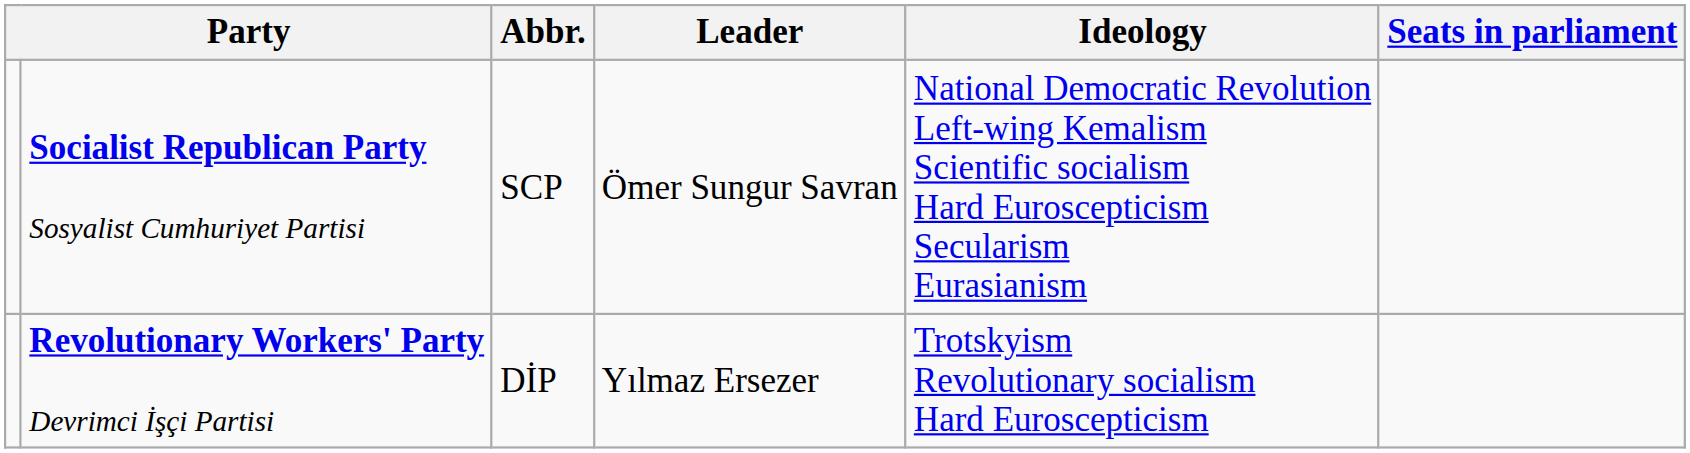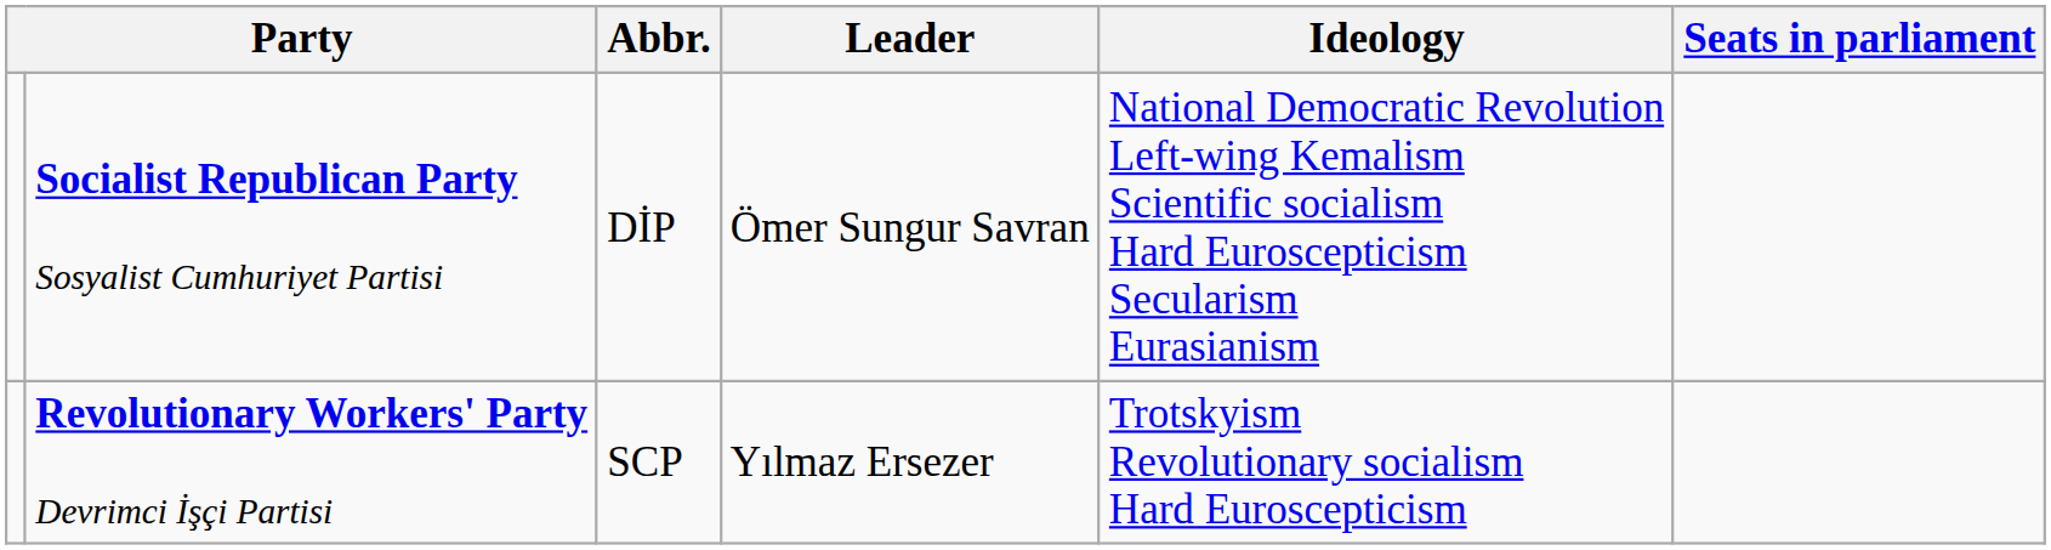 <table class="wikitable" style="font-size:100%">
 <tr>
 <th colspan="2">Party</th>
 <th>Abbr.</th>
 <th>Leader</th>
 <th>Ideology</th>
 <th><a href='#'>Seats in parliament</a></th>
 </tr>
 <tr>
 <td style="background-color:"></td>
 <td><strong><a href='#'>Socialist Republican Party</a></strong><br><br><small><em>Sosyalist Cumhuriyet Partisi</em></small></td>
-<td>SCP</td>
+<td>DİP</td>
 <td>Ömer Sungur Savran</td>
 <td><a href='#'>National Democratic Revolution</a><br><a href='#'>Left-wing Kemalism</a><br><a href='#'>Scientific socialism</a><br><a href='#'>Hard Euroscepticism</a><br><a href='#'>Secularism</a><br><a href='#'>Eurasianism</a></td>
 <td></td>
 </tr>
 <tr>
 <td style="background-color:"></td>
 <td><strong><a href='#'>Revolutionary Workers' Party</a></strong><br><br><small><em>Devrimci İşçi Partisi</em></small></td>
-<td>DİP</td>
+<td>SCP</td>
 <td>Yılmaz Ersezer</td>
 <td><a href='#'>Trotskyism</a><br><a href='#'>Revolutionary socialism</a><br><a href='#'>Hard Euroscepticism</a></td>
 <td></td>
 </tr>
 </table>
